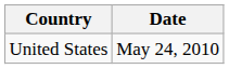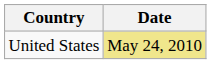 <table class="wikitable">
 <tr>
 <th>Country</th>
 <th>Date</th>
 </tr>
 <tr>
 <td>United States</td>
-<td>May 24, 2010</td>
+<td style="background: khaki;">May 24, 2010</td>
 </tr>
 </table>
